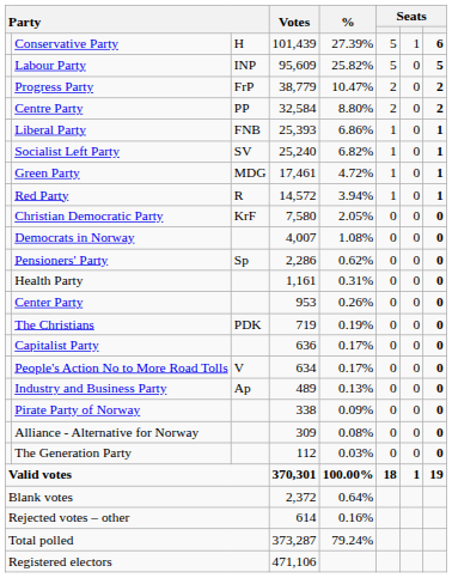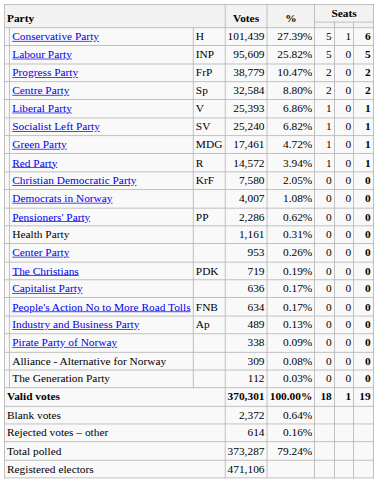 <table class="wikitable" border="1" style="text-align:right;">
 <tr>
 <th style="text-align:left;" valign=bottom rowspan=2 colspan=3>Party</th>
 <th align=center valign=bottom rowspan=2 width="50">Votes</th>
 <th align=center valign=bottom rowspan=2 width="50">%</th>
 <th colspan=3>Seats</th>
 </tr>
 <tr>
 <th align=center valign=bottom width="20"><small></small></th>
 <th align=center valign=bottom width="20"><small><a href='#'></a></small></th>
 <th align=center valign=bottom width="20"><small></small></th>
 </tr>
 <tr>
 <td style="color:inherit;background:"></td>
 <td align=left><a href='#'>Conservative Party</a></td>
 <td align=left>H</td>
 <td>101,439</td>
 <td>27.39%</td>
 <td>5</td>
 <td>1</td>
 <td><strong>6</strong></td>
 </tr>
 <tr>
 <td style="color:inherit;background:"></td>
 <td align=left><a href='#'>Labour Party</a></td>
 <td align=left>INP</td>
 <td>95,609</td>
 <td>25.82%</td>
 <td>5</td>
 <td>0</td>
 <td><strong>5</strong></td>
 </tr>
 <tr>
 <td style="color:inherit;background:"></td>
 <td align=left><a href='#'>Progress Party</a></td>
 <td align=left>FrP</td>
 <td>38,779</td>
 <td>10.47%</td>
 <td>2</td>
 <td>0</td>
 <td><strong>2</strong></td>
 </tr>
 <tr>
 <td style="color:inherit;background:"></td>
 <td align=left><a href='#'>Centre Party</a></td>
-<td align=left>PP</td>
+<td align=left>Sp</td>
 <td>32,584</td>
 <td>8.80%</td>
 <td>2</td>
 <td>0</td>
 <td><strong>2</strong></td>
 </tr>
 <tr>
 <td style="color:inherit;background:"></td>
 <td align=left><a href='#'>Liberal Party</a></td>
-<td align=left>FNB</td>
+<td align=left>V</td>
 <td>25,393</td>
 <td>6.86%</td>
 <td>1</td>
 <td>0</td>
 <td><strong>1</strong></td>
 </tr>
 <tr>
 <td style="color:inherit;background:"></td>
 <td align=left><a href='#'>Socialist Left Party</a></td>
 <td align=left>SV</td>
 <td>25,240</td>
 <td>6.82%</td>
 <td>1</td>
 <td>0</td>
 <td><strong>1</strong></td>
 </tr>
 <tr>
 <td style="color:inherit;background:"></td>
 <td align=left><a href='#'>Green Party</a></td>
 <td align=left>MDG</td>
 <td>17,461</td>
 <td>4.72%</td>
 <td>1</td>
 <td>0</td>
 <td><strong>1</strong></td>
 </tr>
 <tr>
 <td style="color:inherit;background:"></td>
 <td align=left><a href='#'>Red Party</a></td>
 <td align=left>R</td>
 <td>14,572</td>
 <td>3.94%</td>
 <td>1</td>
 <td>0</td>
 <td><strong>1</strong></td>
 </tr>
 <tr>
 <td style="color:inherit;background:"></td>
 <td align=left><a href='#'>Christian Democratic Party</a></td>
 <td align=left>KrF</td>
 <td>7,580</td>
 <td>2.05%</td>
 <td>0</td>
 <td>0</td>
 <td><strong>0</strong></td>
 </tr>
 <tr>
 <td style="color:inherit;background:"></td>
 <td align=left><a href='#'>Democrats in Norway</a></td>
 <td align=left></td>
 <td>4,007</td>
 <td>1.08%</td>
 <td>0</td>
 <td>0</td>
 <td><strong>0</strong></td>
 </tr>
 <tr>
 <td style="color:inherit;background:"></td>
 <td align=left><a href='#'>Pensioners' Party</a></td>
-<td align=left>Sp</td>
+<td align=left>PP</td>
 <td>2,286</td>
 <td>0.62%</td>
 <td>0</td>
 <td>0</td>
 <td><strong>0</strong></td>
 </tr>
 <tr>
 <td></td>
 <td align=left>Health Party</td>
 <td align=left></td>
 <td>1,161</td>
 <td>0.31%</td>
 <td>0</td>
 <td>0</td>
 <td><strong>0</strong></td>
 </tr>
 <tr>
 <td style="color:inherit;background:"></td>
 <td align=left><a href='#'>Center Party</a></td>
 <td align=left></td>
 <td>953</td>
 <td>0.26%</td>
 <td>0</td>
 <td>0</td>
 <td><strong>0</strong></td>
 </tr>
 <tr>
 <td style="color:inherit;background:"></td>
 <td align=left><a href='#'>The Christians</a></td>
 <td align=left>PDK</td>
 <td>719</td>
 <td>0.19%</td>
 <td>0</td>
 <td>0</td>
 <td><strong>0</strong></td>
 </tr>
 <tr>
 <td style="color:inherit;background:"></td>
 <td align=left><a href='#'>Capitalist Party</a></td>
 <td align=left></td>
 <td>636</td>
 <td>0.17%</td>
 <td>0</td>
 <td>0</td>
 <td><strong>0</strong></td>
 </tr>
 <tr>
 <td style="color:inherit;background:"></td>
 <td align=left><a href='#'>People's Action No to More Road Tolls</a></td>
-<td align=left>V</td>
+<td align=left>FNB</td>
 <td>634</td>
 <td>0.17%</td>
 <td>0</td>
 <td>0</td>
 <td><strong>0</strong></td>
 </tr>
 <tr>
 <td style="color:inherit;background:"></td>
 <td align=left><a href='#'>Industry and Business Party</a></td>
 <td align=left>Ap</td>
 <td>489</td>
 <td>0.13%</td>
 <td>0</td>
 <td>0</td>
 <td><strong>0</strong></td>
 </tr>
 <tr>
 <td style="color:inherit;background:"></td>
 <td align=left><a href='#'>Pirate Party of Norway</a></td>
 <td align=left></td>
 <td>338</td>
 <td>0.09%</td>
 <td>0</td>
 <td>0</td>
 <td><strong>0</strong></td>
 </tr>
 <tr>
 <td></td>
 <td align=left>Alliance - Alternative for Norway</td>
 <td align=left></td>
 <td>309</td>
 <td>0.08%</td>
 <td>0</td>
 <td>0</td>
 <td><strong>0</strong></td>
 </tr>
 <tr>
 <td></td>
 <td align=left>The Generation Party</td>
 <td align=left></td>
 <td>112</td>
 <td>0.03%</td>
 <td>0</td>
 <td>0</td>
 <td><strong>0</strong></td>
 </tr>
 <tr style="font-weight:bold">
 <td align=left colspan=3>Valid votes</td>
 <td>370,301</td>
 <td>100.00%</td>
 <td>18</td>
 <td>1</td>
 <td>19</td>
 </tr>
 <tr>
 <td align=left colspan=3>Blank votes</td>
 <td>2,372</td>
 <td>0.64%</td>
 <td></td>
 <td></td>
 <td></td>
 </tr>
 <tr>
 <td align=left colspan=3>Rejected votes – other</td>
 <td>614</td>
 <td>0.16%</td>
 <td></td>
 <td></td>
 <td></td>
 </tr>
 <tr>
 <td align=left colspan=3>Total polled</td>
 <td>373,287</td>
 <td>79.24%</td>
 <td></td>
 <td></td>
 <td></td>
 </tr>
 <tr>
 <td align=left colspan=3>Registered electors</td>
 <td>471,106</td>
 <td></td>
 <td></td>
 <td></td>
 <td></td>
 </tr>
 </table>
